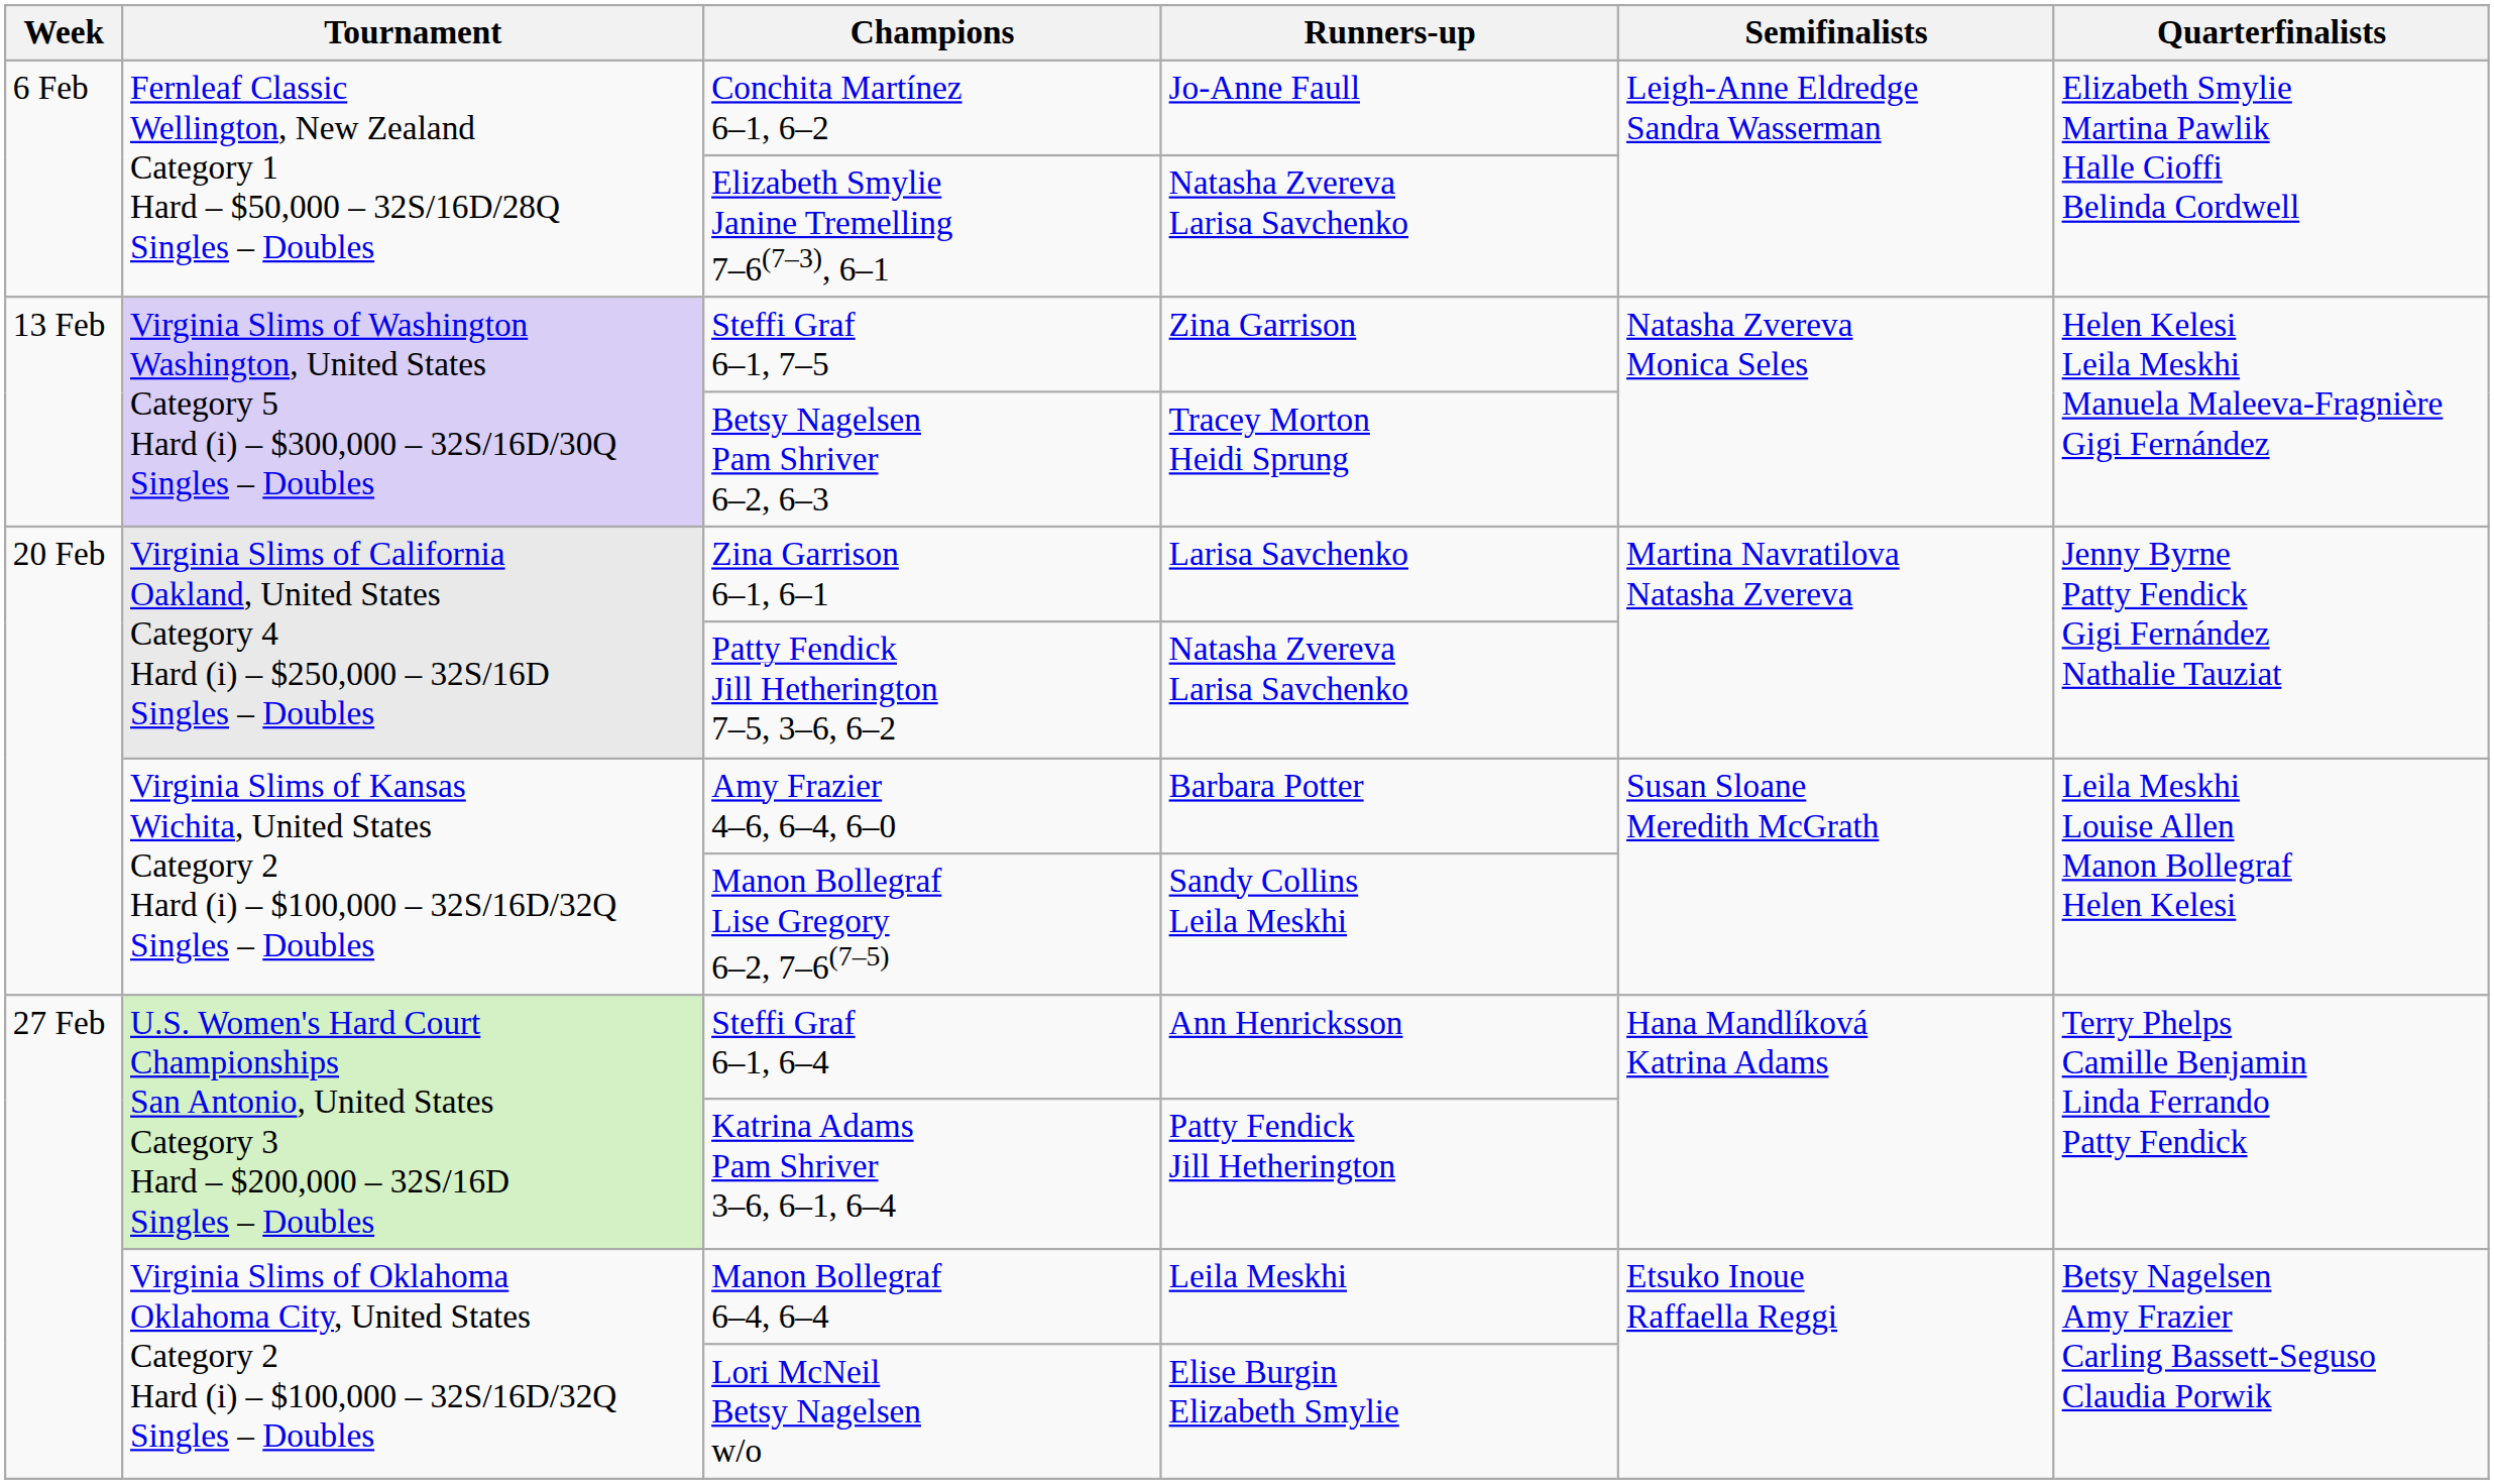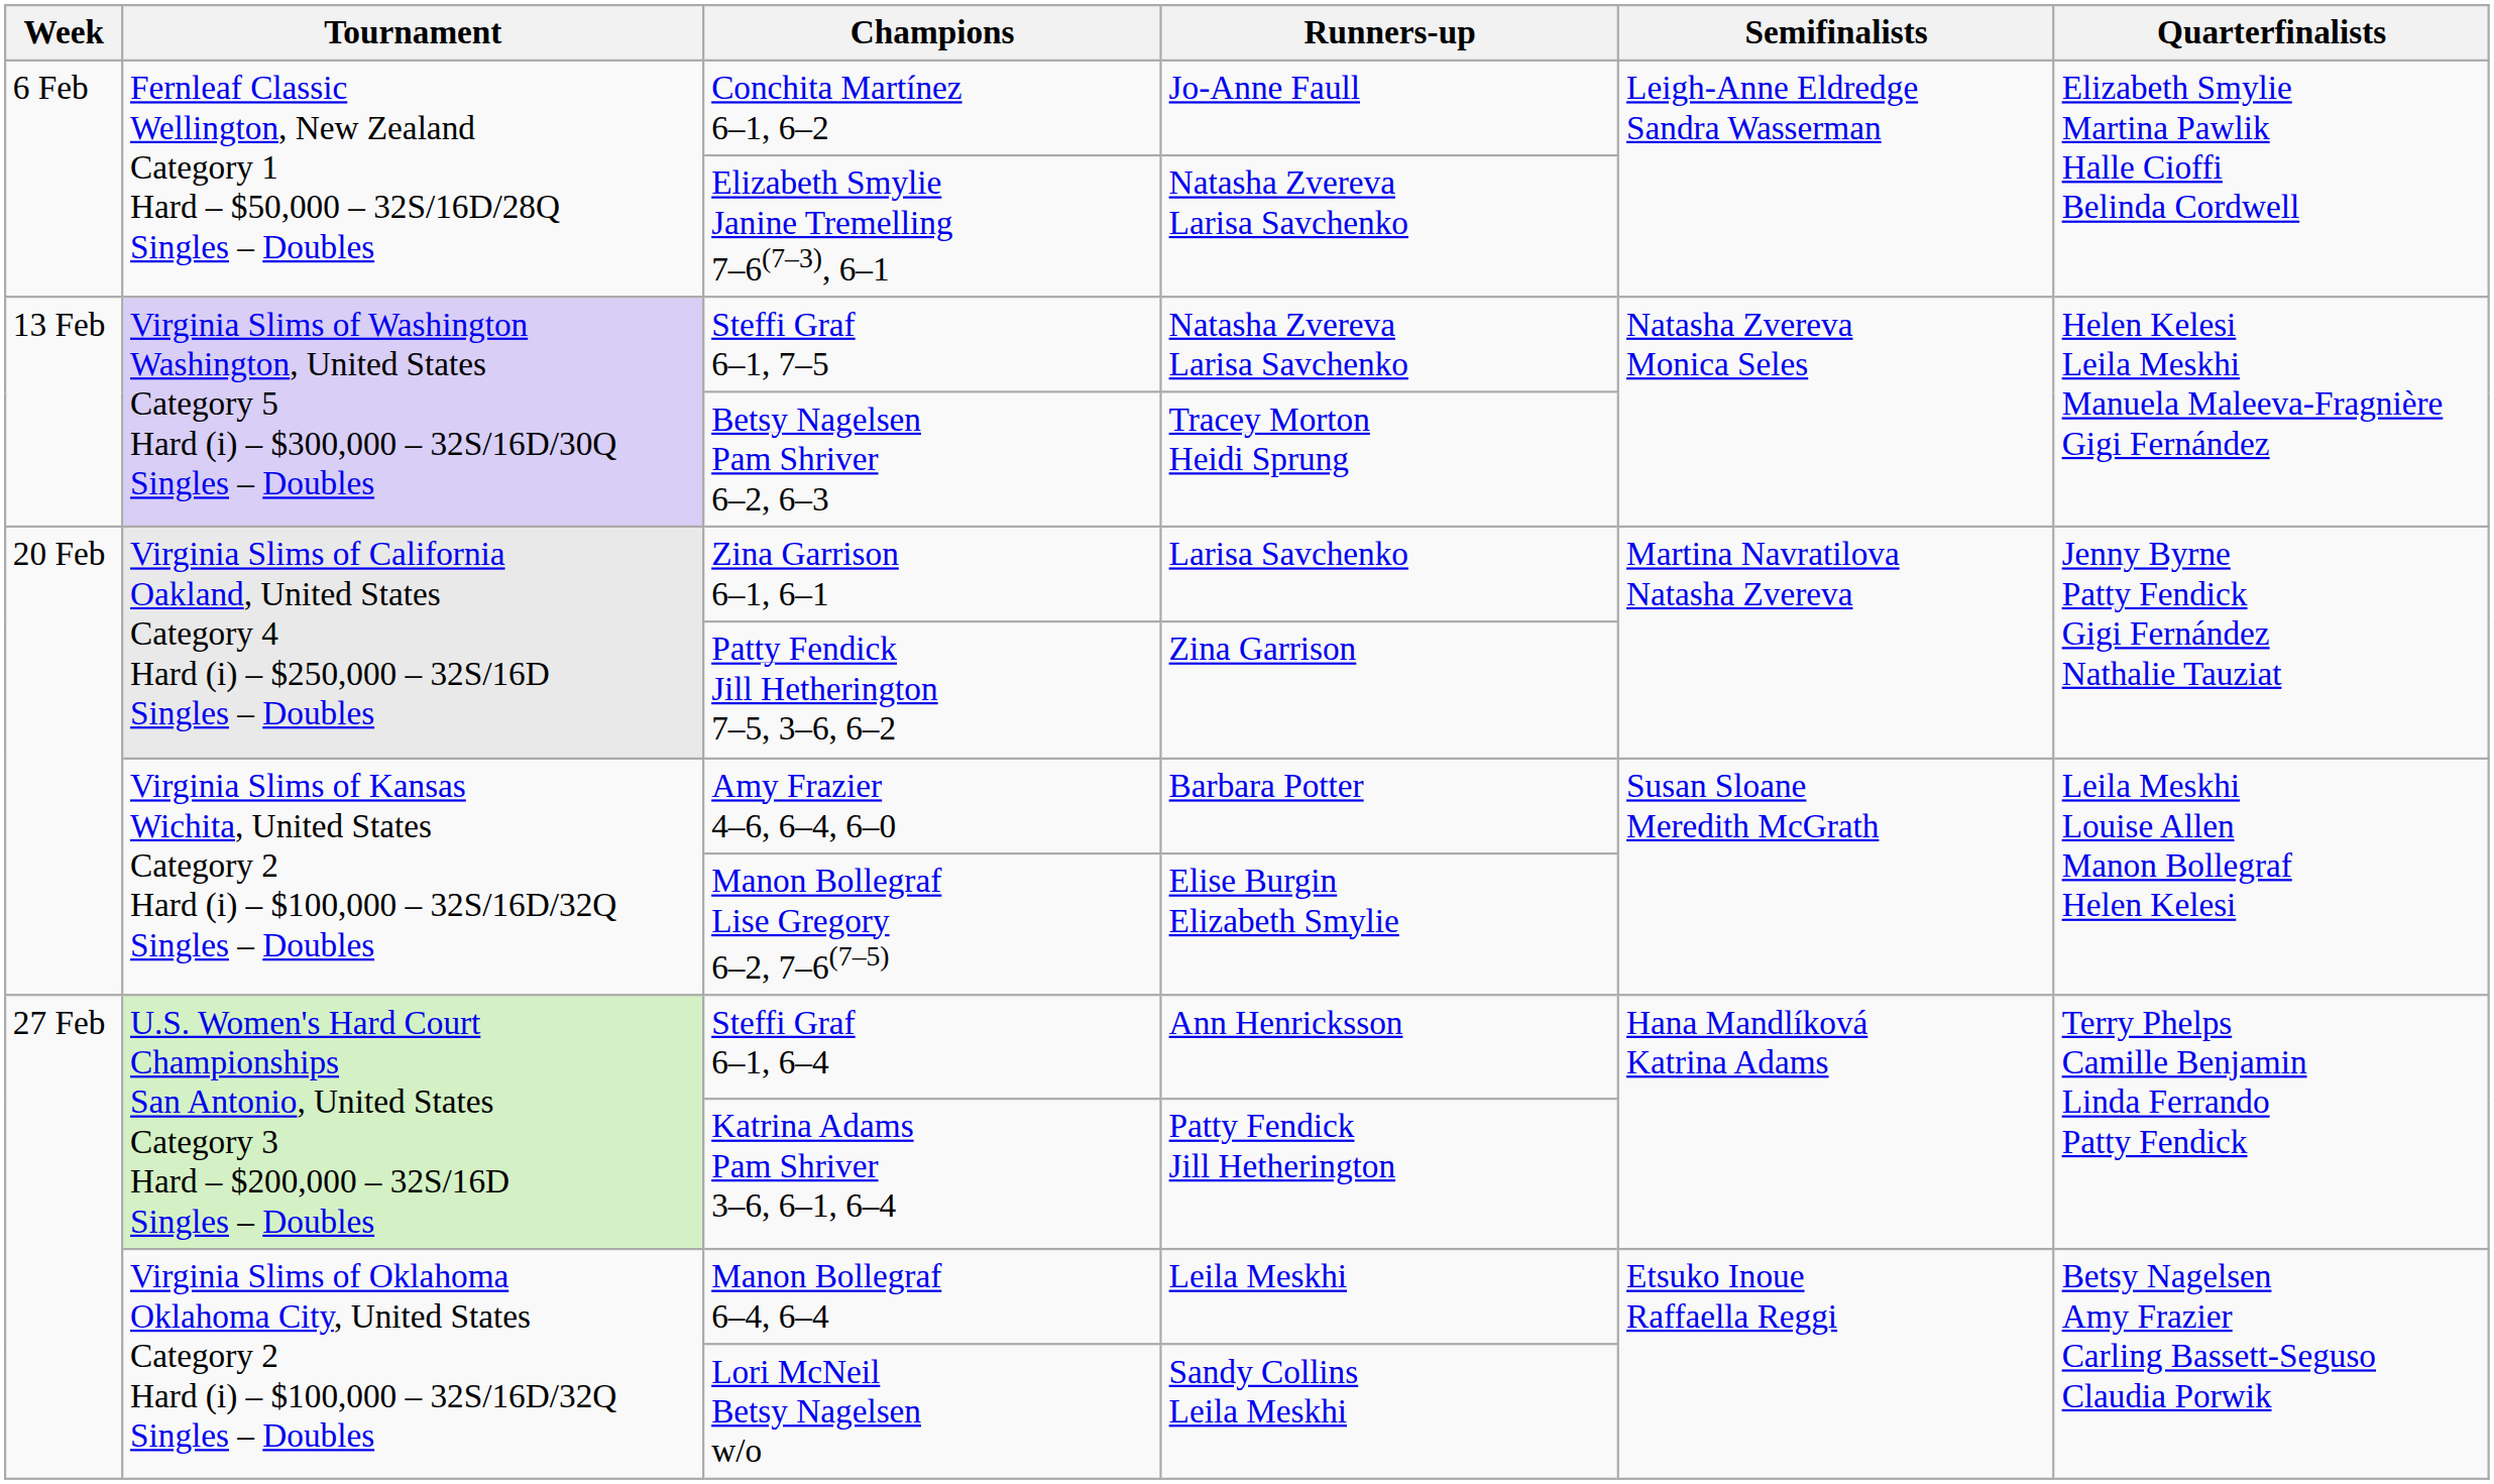 <table class=wikitable style=font-size:95%>
 <tr>
 <th style="width:46px;">Week</th>
 <th style="width:256px;">Tournament</th>
 <th style="width:200px;">Champions</th>
 <th style="width:200px;">Runners-up</th>
 <th style="width:190px;">Semifinalists</th>
 <th style="width:190px;">Quarterfinalists</th>
 </tr>
 <tr valign="top">
 <td rowspan=2>6 Feb</td>
 <td rowspan=2><a href='#'>Fernleaf Classic</a><br><a href='#'>Wellington</a>, New Zealand<br>Category 1  <br>Hard – $50,000 – 32S/16D/28Q <br><a href='#'>Singles</a> – <a href='#'>Doubles</a></td>
 <td> <a href='#'>Conchita Martínez</a><br>6–1, 6–2</td>
 <td> <a href='#'>Jo-Anne Faull</a></td>
 <td rowspan=2> <a href='#'>Leigh-Anne Eldredge</a><br> <a href='#'>Sandra Wasserman</a></td>
 <td rowspan=2> <a href='#'>Elizabeth Smylie</a><br> <a href='#'>Martina Pawlik</a><br> <a href='#'>Halle Cioffi</a><br> <a href='#'>Belinda Cordwell</a></td>
 </tr>
 <tr valign="top">
 <td> <a href='#'>Elizabeth Smylie</a><br> <a href='#'>Janine Tremelling</a><br>7–6<sup>(7–3)</sup>, 6–1</td>
 <td> <a href='#'>Natasha Zvereva</a><br> <a href='#'>Larisa Savchenko</a></td>
 </tr>
 <tr valign="top">
 <td rowspan=2>13 Feb</td>
 <td rowspan=2 style="background:#d8cef6;"><a href='#'>Virginia Slims of Washington</a><br> <a href='#'>Washington</a>, United States<br>Category 5  <br>Hard (i) – $300,000 – 32S/16D/30Q <br><a href='#'>Singles</a> – <a href='#'>Doubles</a></td>
 <td> <a href='#'>Steffi Graf</a><br>6–1, 7–5</td>
-<td><a href='#'>Zina Garrison</a></td>
+<td> <a href='#'>Natasha Zvereva</a><br> <a href='#'>Larisa Savchenko</a></td>
 <td rowspan=2> <a href='#'>Natasha Zvereva</a><br> <a href='#'>Monica Seles</a></td>
 <td rowspan=2> <a href='#'>Helen Kelesi</a><br> <a href='#'>Leila Meskhi</a> <br> <a href='#'>Manuela Maleeva-Fragnière</a><br> <a href='#'>Gigi Fernández</a></td>
 </tr>
 <tr valign="top">
 <td> <a href='#'>Betsy Nagelsen</a><br>  <a href='#'>Pam Shriver</a><br>6–2, 6–3</td>
 <td> <a href='#'>Tracey Morton</a><br> <a href='#'>Heidi Sprung</a></td>
 </tr>
 <tr valign="top">
 <td rowspan=4>20 Feb</td>
 <td rowspan=2 style="background:#E9E9E9;"><a href='#'>Virginia Slims of California</a><br> <a href='#'>Oakland</a>, United States<br>Category 4  <br>Hard (i) – $250,000 – 32S/16D <br><a href='#'>Singles</a> – <a href='#'>Doubles</a></td>
 <td> <a href='#'>Zina Garrison</a><br>6–1, 6–1</td>
 <td> <a href='#'>Larisa Savchenko</a></td>
 <td rowspan=2> <a href='#'>Martina Navratilova</a><br> <a href='#'>Natasha Zvereva</a></td>
 <td rowspan=2> <a href='#'>Jenny Byrne</a><br> <a href='#'>Patty Fendick</a> <br> <a href='#'>Gigi Fernández</a><br> <a href='#'>Nathalie Tauziat</a></td>
 </tr>
 <tr valign="top">
 <td> <a href='#'>Patty Fendick</a><br>  <a href='#'>Jill Hetherington</a><br>7–5, 3–6, 6–2</td>
-<td> <a href='#'>Natasha Zvereva</a><br> <a href='#'>Larisa Savchenko</a></td>
+<td><a href='#'>Zina Garrison</a></td>
 </tr>
 <tr valign="top">
 <td rowspan=2><a href='#'>Virginia Slims of Kansas</a><br> <a href='#'>Wichita</a>, United States<br>Category 2  <br>Hard (i) – $100,000 – 32S/16D/32Q <br><a href='#'>Singles</a> – <a href='#'>Doubles</a></td>
 <td> <a href='#'>Amy Frazier</a><br>4–6, 6–4, 6–0</td>
 <td><a href='#'>Barbara Potter</a></td>
 <td rowspan=2> <a href='#'>Susan Sloane</a><br> <a href='#'>Meredith McGrath</a></td>
 <td rowspan=2> <a href='#'>Leila Meskhi</a><br> <a href='#'>Louise Allen</a> <br> <a href='#'>Manon Bollegraf</a><br> <a href='#'>Helen Kelesi</a></td>
 </tr>
 <tr valign="top">
 <td> <a href='#'>Manon Bollegraf</a><br>  <a href='#'>Lise Gregory</a><br>6–2, 7–6<sup>(7–5)</sup></td>
-<td> <a href='#'>Sandy Collins</a><br> <a href='#'>Leila Meskhi</a></td>
+<td> <a href='#'>Elise Burgin</a><br> <a href='#'>Elizabeth Smylie</a></td>
 </tr>
 <tr valign="top">
 <td rowspan=4>27 Feb</td>
 <td rowspan=2 style="background:#D4F1C5;"><a href='#'>U.S. Women's Hard Court Championships</a><br> <a href='#'>San Antonio</a>, United States<br>Category 3  <br>Hard – $200,000 – 32S/16D <br><a href='#'>Singles</a> – <a href='#'>Doubles</a></td>
 <td> <a href='#'>Steffi Graf</a><br>6–1, 6–4</td>
 <td> <a href='#'>Ann Henricksson</a></td>
 <td rowspan=2> <a href='#'>Hana Mandlíková</a><br> <a href='#'>Katrina Adams</a></td>
 <td rowspan=2> <a href='#'>Terry Phelps</a><br> <a href='#'>Camille Benjamin</a> <br> <a href='#'>Linda Ferrando</a><br> <a href='#'>Patty Fendick</a></td>
 </tr>
 <tr valign="top">
 <td> <a href='#'>Katrina Adams</a><br>  <a href='#'>Pam Shriver</a><br>3–6, 6–1, 6–4</td>
 <td> <a href='#'>Patty Fendick</a><br> <a href='#'>Jill Hetherington</a></td>
 </tr>
 <tr valign="top">
 <td rowspan=2><a href='#'>Virginia Slims of Oklahoma</a><br> <a href='#'>Oklahoma City</a>, United States<br>Category 2  <br>Hard (i) – $100,000 – 32S/16D/32Q <br><a href='#'>Singles</a> – <a href='#'>Doubles</a></td>
 <td> <a href='#'>Manon Bollegraf</a><br>6–4, 6–4</td>
 <td><a href='#'>Leila Meskhi</a></td>
 <td rowspan=2> <a href='#'>Etsuko Inoue</a><br> <a href='#'>Raffaella Reggi</a></td>
 <td rowspan=2> <a href='#'>Betsy Nagelsen</a><br> <a href='#'>Amy Frazier</a> <br> <a href='#'>Carling Bassett-Seguso</a><br> <a href='#'>Claudia Porwik</a></td>
 </tr>
 <tr valign="top">
 <td> <a href='#'>Lori McNeil</a><br>  <a href='#'>Betsy Nagelsen</a><br>w/o</td>
-<td> <a href='#'>Elise Burgin</a><br> <a href='#'>Elizabeth Smylie</a></td>
+<td> <a href='#'>Sandy Collins</a><br> <a href='#'>Leila Meskhi</a></td>
 </tr>
 </table>
